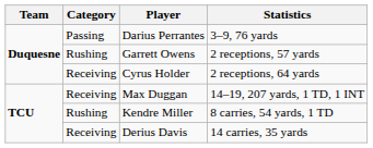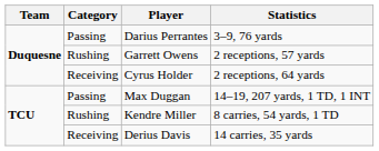 <table class="wikitable" style="float: right;">
 <tr>
 <th>Team</th>
 <th>Category</th>
 <th>Player</th>
 <th>Statistics</th>
 </tr>
 <tr>
 <td rowspan=3><strong>Duquesne</strong></td>
 <td>Passing</td>
 <td>Darius Perrantes</td>
 <td>3–9, 76 yards</td>
 </tr>
 <tr>
 <td>Rushing</td>
 <td>Garrett Owens</td>
 <td>2 receptions, 57 yards</td>
 </tr>
 <tr>
 <td>Receiving</td>
 <td>Cyrus Holder</td>
 <td>2 receptions, 64 yards</td>
 </tr>
 <tr>
 <td rowspan=3><strong>TCU</strong></td>
-<td>Receiving</td>
+<td>Passing</td>
 <td>Max Duggan</td>
 <td>14–19, 207 yards, 1 TD, 1 INT</td>
 </tr>
 <tr>
 <td>Rushing</td>
 <td>Kendre Miller</td>
 <td>8 carries, 54 yards, 1 TD</td>
 </tr>
 <tr>
 <td>Receiving</td>
 <td>Derius Davis</td>
 <td>14 carries, 35 yards</td>
 </tr>
 </table>
